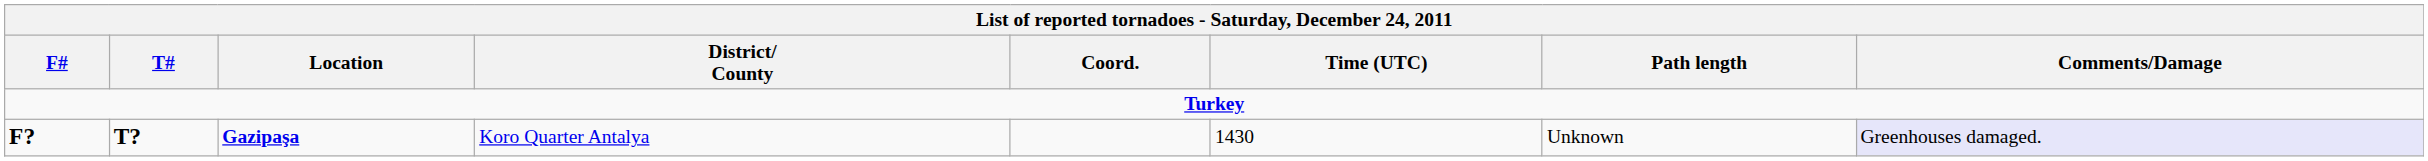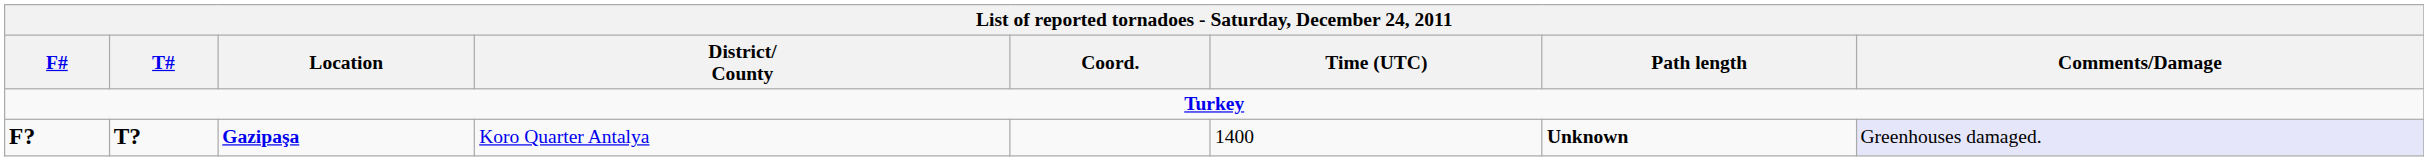 <table class="wikitable collapsible" width="100%">
 <tr>
 <th colspan="8">List of reported tornadoes - Saturday, December 24, 2011</th>
 </tr>
 <tr>
 <th><a href='#'>F#</a></th>
 <th><a href='#'>T#</a></th>
 <th>Location</th>
 <th>District/<br>County</th>
 <th>Coord.</th>
 <th>Time (UTC)</th>
 <th>Path length</th>
 <th>Comments/Damage</th>
 </tr>
 <tr>
 <td colspan="8" align=center><strong><a href='#'>Turkey</a></strong></td>
 </tr>
 <tr>
 <td><big><strong>F?</strong></big></td>
 <td><big><strong>T?</strong></big></td>
 <td><strong><a href='#'>Gazipaşa</a></strong></td>
 <td><a href='#'>Koro Quarter Antalya</a></td>
 <td></td>
-<td>1430</td>
-<td>Unknown</td>
+<td>1400</td>
+<td><strong>Unknown</strong></td>
 <td style="background: lavender;">Greenhouses damaged.</td>
 </tr>
 </table>
